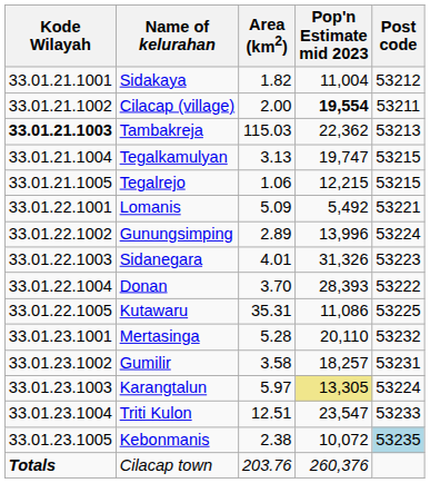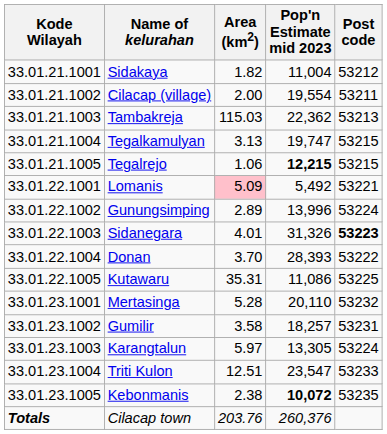 <table class="wikitable sortable">
 <tr>
 <th>Kode<br>Wilayah</th>
 <th>Name of<br><em>kelurahan</em></th>
 <th>Area <br>(km<sup>2</sup>)</th>
 <th>Pop'n <br>Estimate<br>mid 2023</th>
 <th>Post<br>code</th>
 </tr>
 <tr>
 <td>33.01.21.1001</td>
 <td><a href='#'>Sidakaya</a></td>
 <td align="right">1.82</td>
 <td align="right">11,004</td>
 <td align="center">53212</td>
 </tr>
 <tr>
 <td>33.01.21.1002</td>
 <td><a href='#'>Cilacap (village)</a></td>
 <td align="right">2.00</td>
-<td align="right"><strong>19,554</strong></td>
+<td align="right">19,554</td>
 <td align="center">53211</td>
 </tr>
 <tr>
-<td><strong>33.01.21.1003</strong></td>
+<td>33.01.21.1003</td>
 <td><a href='#'>Tambakreja</a></td>
 <td align="right">115.03</td>
 <td align="right">22,362</td>
 <td align="center">53213</td>
 </tr>
 <tr>
 <td>33.01.21.1004</td>
 <td><a href='#'>Tegalkamulyan</a></td>
 <td align="right">3.13</td>
 <td align="right">19,747</td>
 <td align="center">53215</td>
 </tr>
 <tr>
 <td>33.01.21.1005</td>
 <td><a href='#'>Tegalrejo</a></td>
 <td align="right">1.06</td>
-<td align="right">12,215</td>
+<td align="right"><strong>12,215</strong></td>
 <td align="center">53215</td>
 </tr>
 <tr>
 <td>33.01.22.1001</td>
 <td><a href='#'>Lomanis</a></td>
-<td align="right">5.09</td>
+<td align="right" style="background: pink;">5.09</td>
 <td align="right">5,492</td>
 <td align="center">53221</td>
 </tr>
 <tr>
 <td>33.01.22.1002</td>
 <td><a href='#'>Gunungsimping</a></td>
 <td align="right">2.89</td>
 <td align="right">13,996</td>
 <td align="center">53224</td>
 </tr>
 <tr>
 <td>33.01.22.1003</td>
 <td><a href='#'>Sidanegara</a></td>
 <td align="right">4.01</td>
 <td align="right">31,326</td>
-<td align="center">53223</td>
+<td align="center"><strong>53223</strong></td>
 </tr>
 <tr>
 <td>33.01.22.1004</td>
 <td><a href='#'>Donan</a></td>
 <td align="right">3.70</td>
 <td align="right">28,393</td>
 <td align="center">53222</td>
 </tr>
 <tr>
 <td>33.01.22.1005</td>
 <td><a href='#'>Kutawaru</a></td>
 <td align="right">35.31</td>
 <td align="right">11,086</td>
 <td align="center">53225</td>
 </tr>
 <tr>
 <td>33.01.23.1001</td>
 <td><a href='#'>Mertasinga</a></td>
 <td align="right">5.28</td>
 <td align="right">20,110</td>
 <td align="center">53232</td>
 </tr>
 <tr>
 <td>33.01.23.1002</td>
 <td><a href='#'>Gumilir</a></td>
 <td align="right">3.58</td>
 <td align="right">18,257</td>
 <td align="center">53231</td>
 </tr>
 <tr>
 <td>33.01.23.1003</td>
 <td><a href='#'>Karangtalun</a></td>
 <td align="right">5.97</td>
-<td align="right" style="background: khaki;">13,305</td>
+<td align="right">13,305</td>
 <td align="center">53224</td>
 </tr>
 <tr>
 <td>33.01.23.1004</td>
 <td><a href='#'>Triti Kulon</a></td>
 <td align="right">12.51</td>
 <td align="right">23,547</td>
 <td align="center">53233</td>
 </tr>
 <tr>
 <td>33.01.23.1005</td>
 <td><a href='#'>Kebonmanis</a></td>
 <td align="right">2.38</td>
-<td align="right">10,072</td>
-<td align="center" style="background: lightblue;">53235</td>
+<td align="right"><strong>10,072</strong></td>
+<td align="center">53235</td>
 </tr>
 <tr>
 <td><strong><em>Totals</em></strong></td>
 <td><em>Cilacap town</em></td>
 <td align="right"><em>203.76</em></td>
 <td align="right"><em>260,376</em></td>
 </tr>
 </table>
